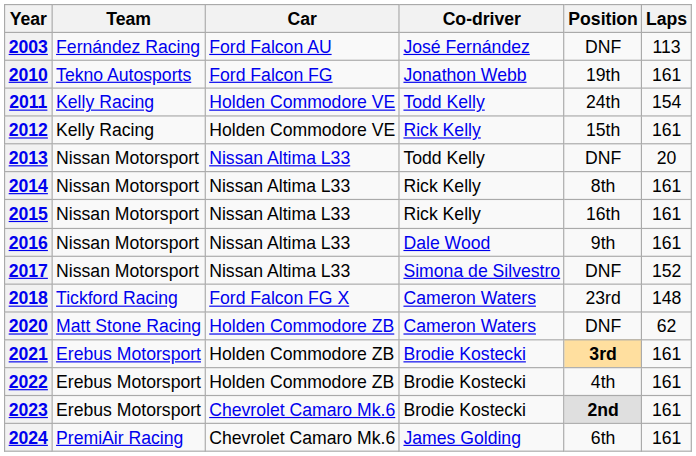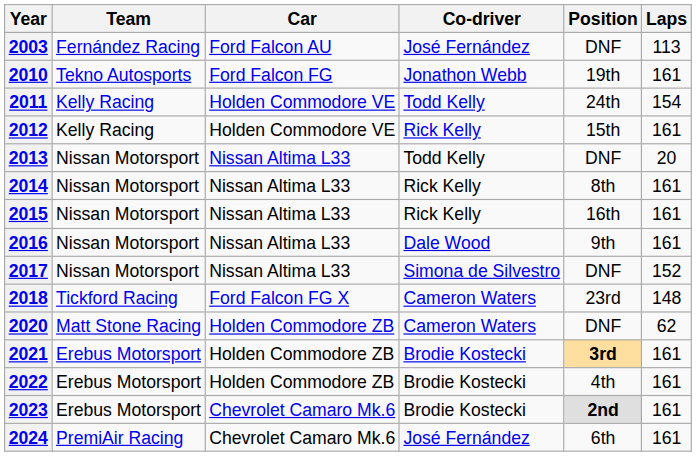 <table class="wikitable" style="font-size: 95%;">
 <tr>
 <th>Year</th>
 <th>Team</th>
 <th>Car</th>
 <th>Co-driver</th>
 <th>Position</th>
 <th>Laps</th>
 </tr>
 <tr>
 <th><a href='#'>2003</a></th>
 <td><a href='#'>Fernández Racing</a></td>
 <td><a href='#'>Ford Falcon AU</a></td>
 <td> <a href='#'>José Fernández</a></td>
 <td align="center">DNF</td>
 <td align="center">113</td>
 </tr>
 <tr>
 <th><a href='#'>2010</a></th>
 <td><a href='#'>Tekno Autosports</a></td>
 <td><a href='#'>Ford Falcon FG</a></td>
 <td> <a href='#'>Jonathon Webb</a></td>
 <td align="center">19th</td>
 <td align="center">161</td>
 </tr>
 <tr>
 <th><a href='#'>2011</a></th>
 <td><a href='#'>Kelly Racing</a></td>
 <td><a href='#'>Holden Commodore VE</a></td>
 <td> <a href='#'>Todd Kelly</a></td>
 <td align="center">24th</td>
 <td align="center">154</td>
 </tr>
 <tr>
 <th><a href='#'>2012</a></th>
 <td>Kelly Racing</td>
 <td>Holden Commodore VE</td>
 <td> <a href='#'>Rick Kelly</a></td>
 <td align="center">15th</td>
 <td align="center">161</td>
 </tr>
 <tr>
 <th><a href='#'>2013</a></th>
 <td>Nissan Motorsport</td>
 <td><a href='#'>Nissan Altima L33</a></td>
 <td> Todd Kelly</td>
 <td align="center">DNF</td>
 <td align="center">20</td>
 </tr>
 <tr>
 <th><a href='#'>2014</a></th>
 <td>Nissan Motorsport</td>
 <td>Nissan Altima L33</td>
 <td> Rick Kelly</td>
 <td align="center">8th</td>
 <td align="center">161</td>
 </tr>
 <tr>
 <th><a href='#'>2015</a></th>
 <td>Nissan Motorsport</td>
 <td>Nissan Altima L33</td>
 <td> Rick Kelly</td>
 <td align="center">16th</td>
 <td align="center">161</td>
 </tr>
 <tr>
 <th><a href='#'>2016</a></th>
 <td>Nissan Motorsport</td>
 <td>Nissan Altima L33</td>
 <td> <a href='#'>Dale Wood</a></td>
 <td align="center">9th</td>
 <td align="center">161</td>
 </tr>
 <tr>
 <th><a href='#'>2017</a></th>
 <td>Nissan Motorsport</td>
 <td>Nissan Altima L33</td>
 <td> <a href='#'>Simona de Silvestro</a></td>
 <td align="center">DNF</td>
 <td align="center">152</td>
 </tr>
 <tr>
 <th><a href='#'>2018</a></th>
 <td><a href='#'>Tickford Racing</a></td>
 <td><a href='#'>Ford Falcon FG X</a></td>
 <td> <a href='#'>Cameron Waters</a></td>
 <td align="center">23rd</td>
 <td align="center">148</td>
 </tr>
 <tr>
 <th><a href='#'>2020</a></th>
 <td><a href='#'>Matt Stone Racing</a></td>
 <td><a href='#'>Holden Commodore ZB</a></td>
 <td> <a href='#'>Cameron Waters</a></td>
 <td align="center">DNF</td>
 <td align="center">62</td>
 </tr>
 <tr>
 <th><a href='#'>2021</a></th>
 <td><a href='#'>Erebus Motorsport</a></td>
 <td>Holden Commodore ZB</td>
 <td> <a href='#'>Brodie Kostecki</a></td>
 <td align="center" style="background: #ffdf9f"><strong>3rd</strong></td>
 <td align="center">161</td>
 </tr>
 <tr>
 <th><a href='#'>2022</a></th>
 <td>Erebus Motorsport</td>
 <td>Holden Commodore ZB</td>
 <td> Brodie Kostecki</td>
 <td align="center">4th</td>
 <td align="center">161</td>
 </tr>
 <tr>
 <th><a href='#'>2023</a></th>
 <td>Erebus Motorsport</td>
 <td><a href='#'>Chevrolet Camaro Mk.6</a></td>
 <td> Brodie Kostecki</td>
 <td align="center"  style=background:#dfdfdf><strong>2nd</strong></td>
 <td align="center">161</td>
 </tr>
 <tr>
 <th><a href='#'>2024</a></th>
 <td><a href='#'>PremiAir Racing</a></td>
 <td>Chevrolet Camaro Mk.6</td>
-<td> <a href='#'>James Golding</a></td>
+<td> <a href='#'>José Fernández</a></td>
 <td align="center">6th</td>
 <td align="center">161</td>
 </tr>
 </table>
